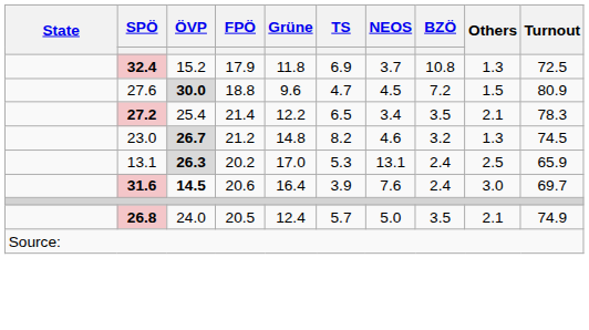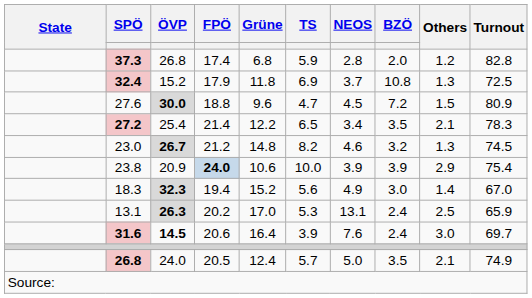 <table class="wikitable sortable" style="text-align:center;font-size:90%;line-height:16px">
 <tr style="height:40px;">
 <th style="width:100px;" rowspan="2"><a href='#'>State</a></th>
 <th style="width:40px;"><a href='#'>SPÖ</a></th>
 <th style="width:40px;"><a href='#'>ÖVP</a></th>
 <th style="width:40px;"><a href='#'>FPÖ</a></th>
 <th style="width:40px;"><a href='#'>Grüne</a></th>
 <th style="width:40px;"><a href='#'>TS</a></th>
 <th style="width:40px;"><a href='#'>NEOS</a></th>
 <th style="width:40px;"><a href='#'>BZÖ</a></th>
 <th class="unsortable" style="width:40px;" rowspan="2">Others</th>
 <th class="unsortable" style="width:40px;" rowspan="2">Turnout</th>
 </tr>
 <tr>
 <th style="background:"></th>
 <th style="background:"></th>
 <th style="background:"></th>
 <th style="background:"></th>
 <th style="background:"></th>
 <th style="background:"></th>
 <th style="background:"></th>
+</tr>
+<tr>
+<td align=left></td>
+<td bgcolor=#F4C6C9><strong>37.3</strong></td>
+<td>26.8</td>
+<td>17.4</td>
+<td>6.8</td>
+<td>5.9</td>
+<td>2.8</td>
+<td>2.0</td>
+<td>1.2</td>
+<td>82.8</td>
 </tr>
 <tr>
 <td align=left></td>
 <td bgcolor=#F4C6C9><strong>32.4</strong></td>
 <td>15.2</td>
 <td>17.9</td>
 <td>11.8</td>
 <td>6.9</td>
 <td>3.7</td>
 <td>10.8</td>
 <td>1.3</td>
 <td>72.5</td>
 </tr>
 <tr>
 <td align=left></td>
 <td>27.6</td>
 <td bgcolor=#D9D9D9><strong>30.0</strong></td>
 <td>18.8</td>
 <td>9.6</td>
 <td>4.7</td>
 <td>4.5</td>
 <td>7.2</td>
 <td>1.5</td>
 <td>80.9</td>
 </tr>
 <tr>
 <td align=left></td>
 <td bgcolor=#F4C6C9><strong>27.2</strong></td>
 <td>25.4</td>
 <td>21.4</td>
 <td>12.2</td>
 <td>6.5</td>
 <td>3.4</td>
 <td>3.5</td>
 <td>2.1</td>
 <td>78.3</td>
 </tr>
 <tr>
 <td align=left></td>
 <td>23.0</td>
 <td bgcolor=#D9D9D9><strong>26.7</strong></td>
 <td>21.2</td>
 <td>14.8</td>
 <td>8.2</td>
 <td>4.6</td>
 <td>3.2</td>
 <td>1.3</td>
 <td>74.5</td>
 </tr>
 <tr>
 <td align=left></td>
+<td>23.8</td>
+<td>20.9</td>
+<td bgcolor=#C6D9EA><strong>24.0</strong></td>
+<td>10.6</td>
+<td>10.0</td>
+<td>3.9</td>
+<td>3.9</td>
+<td>2.9</td>
+<td>75.4</td>
+</tr>
+<tr>
+<td align=left></td>
+<td>18.3</td>
+<td bgcolor=#D9D9D9><strong>32.3</strong></td>
+<td>19.4</td>
+<td>15.2</td>
+<td>5.6</td>
+<td>4.9</td>
+<td>3.0</td>
+<td>1.4</td>
+<td>67.0</td>
+</tr>
+<tr>
+<td align=left></td>
 <td>13.1</td>
 <td bgcolor=#D9D9D9><strong>26.3</strong></td>
 <td>20.2</td>
 <td>17.0</td>
 <td>5.3</td>
 <td>13.1</td>
 <td>2.4</td>
 <td>2.5</td>
 <td>65.9</td>
 </tr>
 <tr>
 <td align=left></td>
 <td bgcolor=#F4C6C9><strong>31.6</strong></td>
 <td><strong>14.5</strong></td>
 <td>20.6</td>
 <td>16.4</td>
 <td>3.9</td>
 <td>7.6</td>
 <td>2.4</td>
 <td>3.0</td>
 <td>69.7</td>
 </tr>
 <tr>
 <td colspan=10 bgcolor=lightgrey></td>
 </tr>
 <tr>
 <td align=left></td>
 <td bgcolor=#F4C6C9><strong>26.8</strong></td>
 <td>24.0</td>
 <td>20.5</td>
 <td>12.4</td>
 <td>5.7</td>
 <td>5.0</td>
 <td>3.5</td>
 <td>2.1</td>
 <td>74.9</td>
 </tr>
 <tr class=sortbottom>
 <td colspan=10 align=left>Source: </td>
 </tr>
 </table>
